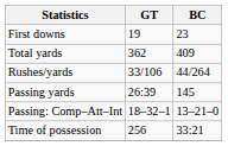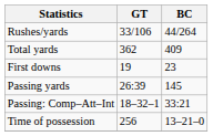 <table class="wikitable" style="float: left;">
 <tr>
 <th>Statistics</th>
 <th>GT</th>
 <th>BC</th>
 </tr>
 <tr>
-<td>First downs</td>
-<td>19</td>
-<td>23</td>
+<td>Rushes/yards</td>
+<td>33/106</td>
+<td>44/264</td>
 </tr>
 <tr>
 <td>Total yards</td>
 <td>362</td>
 <td>409</td>
 </tr>
 <tr>
-<td>Rushes/yards</td>
-<td>33/106</td>
-<td>44/264</td>
+<td>First downs</td>
+<td>19</td>
+<td>23</td>
 </tr>
 <tr>
 <td>Passing yards</td>
 <td>26:39</td>
 <td>145</td>
 </tr>
 <tr>
 <td>Passing: Comp–Att–Int</td>
 <td>18–32–1</td>
-<td>13–21–0</td>
+<td>33:21</td>
 </tr>
 <tr>
 <td>Time of possession</td>
 <td>256</td>
-<td>33:21</td>
+<td>13–21–0</td>
 </tr>
 <tr>
 </tr>
 </table>
